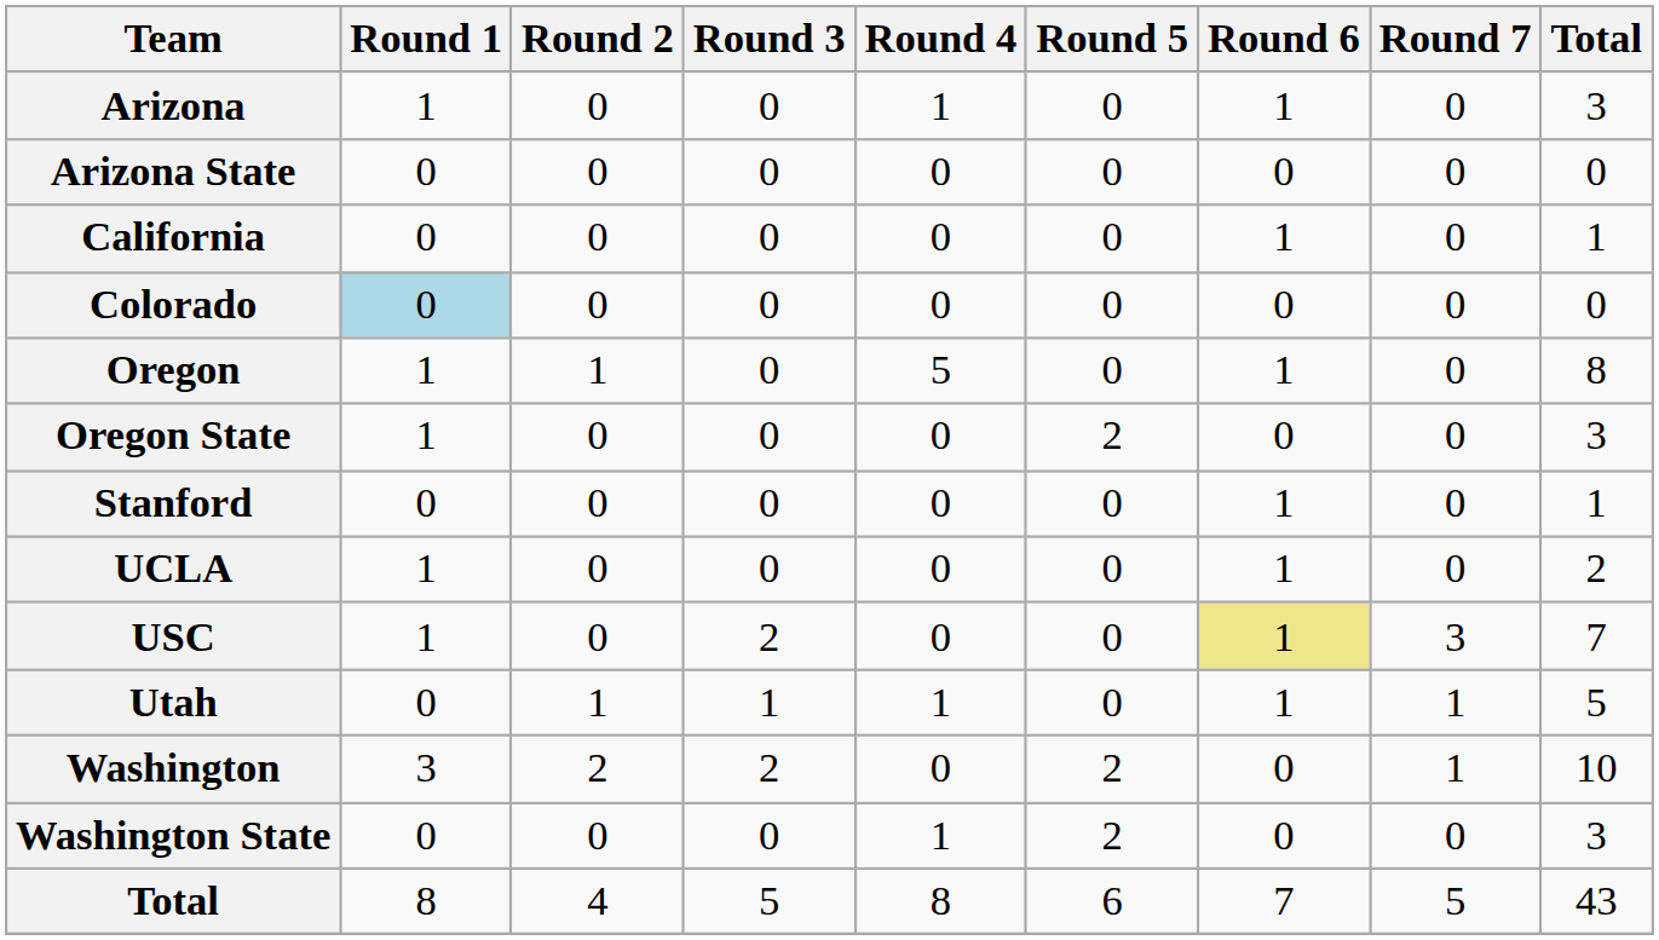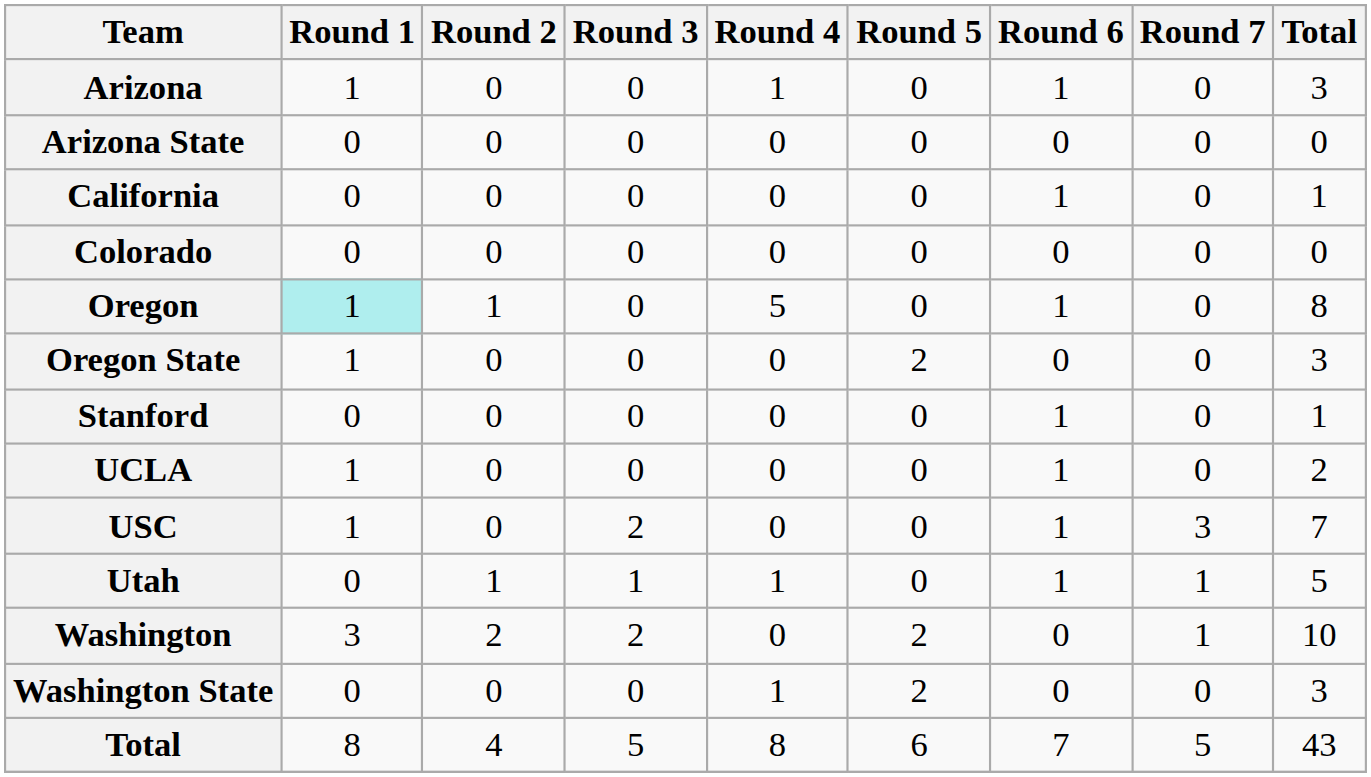 <table class="wikitable sortable" style="text-align: center;">
 <tr>
 <th>Team</th>
 <th>Round 1</th>
 <th>Round 2</th>
 <th>Round 3</th>
 <th>Round 4</th>
 <th>Round 5</th>
 <th>Round 6</th>
 <th>Round 7</th>
 <th>Total</th>
 </tr>
 <tr>
 <th style=><strong>Arizona</strong></th>
 <td>1</td>
 <td>0</td>
 <td>0</td>
 <td>1</td>
 <td>0</td>
 <td>1</td>
 <td>0</td>
 <td>3</td>
 </tr>
 <tr>
 <th style=><strong>Arizona State</strong></th>
 <td>0</td>
 <td>0</td>
 <td>0</td>
 <td>0</td>
 <td>0</td>
 <td>0</td>
 <td>0</td>
 <td>0</td>
 </tr>
 <tr>
 <th style=><strong>California</strong></th>
 <td>0</td>
 <td>0</td>
 <td>0</td>
 <td>0</td>
 <td>0</td>
 <td>1</td>
 <td>0</td>
 <td>1</td>
 </tr>
 <tr>
 <th style=><strong>Colorado</strong></th>
-<td style="background: lightblue;">0</td>
+<td>0</td>
 <td>0</td>
 <td>0</td>
 <td>0</td>
 <td>0</td>
 <td>0</td>
 <td>0</td>
 <td>0</td>
 </tr>
 <tr>
 <th style=><strong>Oregon</strong></th>
-<td>1</td>
+<td style="background: paleturquoise;">1</td>
 <td>1</td>
 <td>0</td>
 <td>5</td>
 <td>0</td>
 <td>1</td>
 <td>0</td>
 <td>8</td>
 </tr>
 <tr>
 <th style=><strong>Oregon State</strong></th>
 <td>1</td>
 <td>0</td>
 <td>0</td>
 <td>0</td>
 <td>2</td>
 <td>0</td>
 <td>0</td>
 <td>3</td>
 </tr>
 <tr>
 <th style=><strong>Stanford</strong></th>
 <td>0</td>
 <td>0</td>
 <td>0</td>
 <td>0</td>
 <td>0</td>
 <td>1</td>
 <td>0</td>
 <td>1</td>
 </tr>
 <tr>
 <th style=><strong>UCLA</strong></th>
 <td>1</td>
 <td>0</td>
 <td>0</td>
 <td>0</td>
 <td>0</td>
 <td>1</td>
 <td>0</td>
 <td>2</td>
 </tr>
 <tr>
 <th style=><strong>USC</strong></th>
 <td>1</td>
 <td>0</td>
 <td>2</td>
 <td>0</td>
 <td>0</td>
-<td style="background: khaki;">1</td>
+<td>1</td>
 <td>3</td>
 <td>7</td>
 </tr>
 <tr>
 <th style=><strong>Utah</strong></th>
 <td>0</td>
 <td>1</td>
 <td>1</td>
 <td>1</td>
 <td>0</td>
 <td>1</td>
 <td>1</td>
 <td>5</td>
 </tr>
 <tr>
 <th style=><strong>Washington</strong></th>
 <td>3</td>
 <td>2</td>
 <td>2</td>
 <td>0</td>
 <td>2</td>
 <td>0</td>
 <td>1</td>
 <td>10</td>
 </tr>
 <tr>
 <th style=><strong>Washington State</strong></th>
 <td>0</td>
 <td>0</td>
 <td>0</td>
 <td>1</td>
 <td>2</td>
 <td>0</td>
 <td>0</td>
 <td>3</td>
 </tr>
 <tr>
 <th>Total</th>
 <td>8</td>
 <td>4</td>
 <td>5</td>
 <td>8</td>
 <td>6</td>
 <td>7</td>
 <td>5</td>
 <td>43</td>
 </tr>
 <tr>
 </tr>
 </table>
